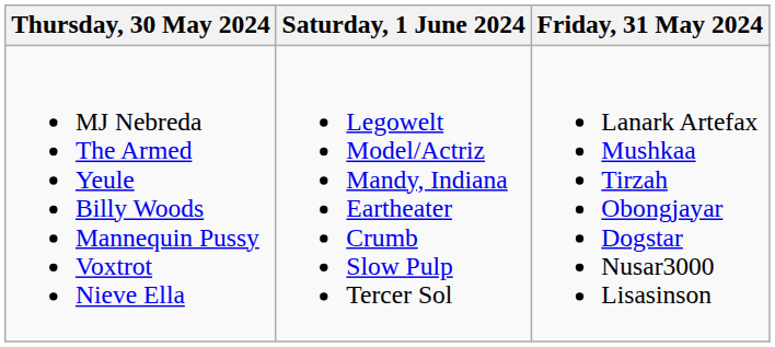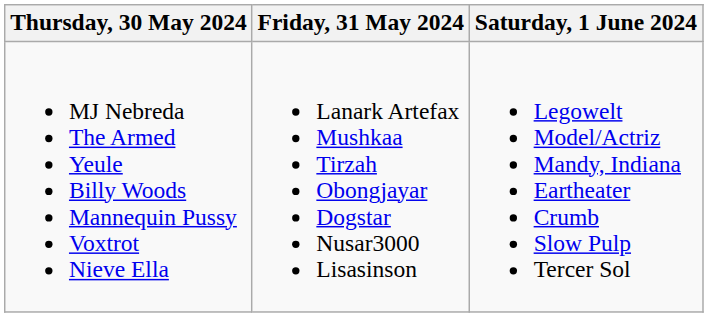 <table class="wikitable">
 <tr>
 <th>Thursday, 30 May 2024</th>
+<th>Friday, 31 May 2024</th>
 <th>Saturday, 1 June 2024</th>
-<th>Friday, 31 May 2024</th>
 </tr>
 <tr>
 <td><br><ul><li>MJ Nebreda</li><li><a href='#'>The Armed</a></li><li><a href='#'>Yeule</a></li><li><a href='#'>Billy Woods</a></li><li><a href='#'>Mannequin Pussy</a></li><li><a href='#'>Voxtrot</a></li><li><a href='#'>Nieve Ella</a></li></ul></td>
+<td><br><ul><li>Lanark Artefax</li><li><a href='#'>Mushkaa</a></li><li><a href='#'>Tirzah</a></li><li><a href='#'>Obongjayar</a></li><li><a href='#'>Dogstar</a></li><li>Nusar3000</li><li>Lisasinson</li></ul></td>
 <td><br><ul><li><a href='#'>Legowelt</a></li><li><a href='#'>Model/Actriz</a></li><li><a href='#'>Mandy, Indiana</a></li><li><a href='#'>Eartheater</a></li><li><a href='#'>Crumb</a></li><li><a href='#'>Slow Pulp</a></li><li>Tercer Sol</li></ul></td>
-<td><br><ul><li>Lanark Artefax</li><li><a href='#'>Mushkaa</a></li><li><a href='#'>Tirzah</a></li><li><a href='#'>Obongjayar</a></li><li><a href='#'>Dogstar</a></li><li>Nusar3000</li><li>Lisasinson</li></ul></td>
 </tr>
 </table>
